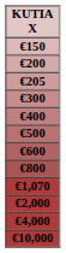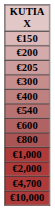 <table border=1 cellspacing=0 cellpadding =1 width=70px|->
 <tr>
 <td bgcolor="#E2C7C7" align=center><span><strong>KUTIA X</strong></span></td>
 </tr>
 <tr>
 <td bgcolor="#DCB8B8" align=center><span><strong>€150</strong></span></td>
 </tr>
 <tr>
 <td bgcolor="#D5AAAA" align=center><span><strong>€200</strong></span></td>
 </tr>
 <tr>
 <td bgcolor="#CD9C9C" align=center><span><strong>€205</strong></span></td>
 </tr>
 <tr>
 <td bgcolor="#C78D8D" align=center><span><strong>€300</strong></span></td>
 </tr>
 <tr>
 <td bgcolor="#BF8080" align=center><span><strong>€400</strong></span></td>
 </tr>
 <tr>
-<td bgcolor="#B87272" align=center><span><strong>€500</strong></span></td>
+<td bgcolor="#B87272" align=center><span><strong>€540</strong></span></td>
 </tr>
 <tr>
 <td bgcolor="#B16363" align=center><span><strong>€600</strong></span></td>
 </tr>
 <tr>
 <td bgcolor="#AA5555" align=center><span><strong>€800</strong></span></td>
 </tr>
 <tr>
-<td bgcolor="#AF3A3A" align=center><span><strong>€1,070</strong></span></td>
+<td bgcolor="#AF3A3A" align=center><span><strong>€1,000</strong></span></td>
 </tr>
 <tr>
 <td bgcolor="#AF3A3A" align=center><span><strong>€2,000</strong></span></td>
 </tr>
 <tr>
-<td bgcolor="#AF3A3A" align=center><span><strong>€4,000</strong></span></td>
+<td bgcolor="#AF3A3A" align=center><span><strong>€4,700</strong></span></td>
 </tr>
 <tr>
 <td bgcolor="#AF3A3A" align=center><span><strong>€10,000</strong></span></td>
 </tr>
 </table>
